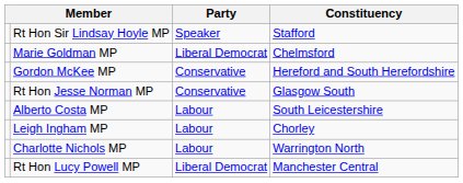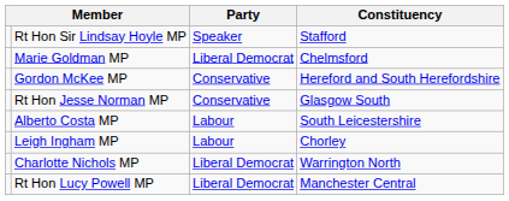 <table class="wikitable">
 <tr>
 <th colspan="2" valign="top">Member</th>
 <th valign="top">Party</th>
 <th valign="top">Constituency</th>
 </tr>
 <tr>
 <td style="color:inherit;background:"></td>
 <td>Rt Hon Sir <a href='#'>Lindsay Hoyle</a> MP</td>
 <td><a href='#'>Speaker</a></td>
 <td><a href='#'>Stafford</a></td>
 </tr>
 <tr>
 <td style="color:inherit;background-color: "></td>
 <td><a href='#'>Marie Goldman</a> MP</td>
 <td><a href='#'>Liberal Democrat</a></td>
 <td><a href='#'>Chelmsford</a></td>
 </tr>
 <tr>
 <td style="color:inherit;background:"></td>
 <td><a href='#'>Gordon McKee</a> MP</td>
 <td><a href='#'>Conservative</a></td>
 <td><a href='#'>Hereford and South Herefordshire</a></td>
 </tr>
 <tr>
 <td style="color:inherit;background:"></td>
 <td>Rt Hon <a href='#'>Jesse Norman</a> MP</td>
 <td><a href='#'>Conservative</a></td>
 <td><a href='#'>Glasgow South</a></td>
 </tr>
 <tr>
 <td style="color:inherit;background:"></td>
 <td><a href='#'>Alberto Costa</a> MP</td>
 <td><a href='#'>Labour</a></td>
 <td><a href='#'>South Leicestershire</a></td>
 </tr>
 <tr>
 <td style="color:inherit;background:"></td>
 <td><a href='#'>Leigh Ingham</a> MP</td>
 <td><a href='#'>Labour</a></td>
 <td><a href='#'>Chorley</a></td>
 </tr>
 <tr>
 <td style="color:inherit;background:"></td>
 <td><a href='#'>Charlotte Nichols</a> MP</td>
-<td><a href='#'>Labour</a></td>
+<td><a href='#'>Liberal Democrat</a></td>
 <td><a href='#'>Warrington North</a></td>
 </tr>
 <tr>
 <td style="color:inherit;background:"></td>
 <td>Rt Hon <a href='#'>Lucy Powell</a> MP</td>
 <td><a href='#'>Liberal Democrat</a></td>
 <td><a href='#'>Manchester Central</a></td>
 </tr>
 </table>
